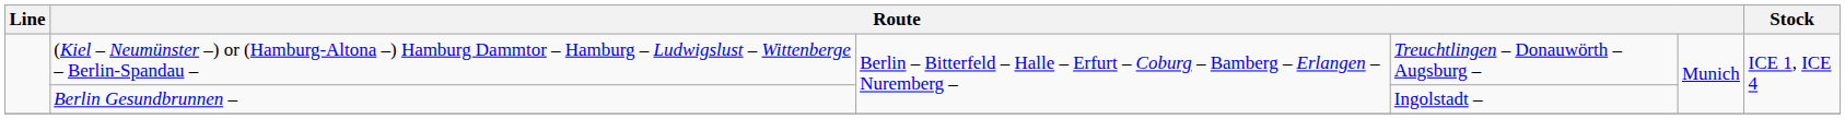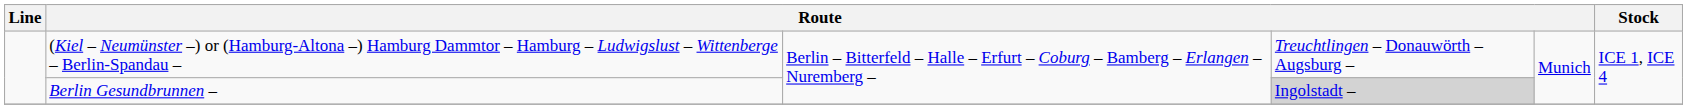 <table class="wikitable" width="100%">
 <tr class="hintergrundfarbe5">
 <th>Line</th>
 <th colspan="4">Route</th>
 <th>Stock</th>
 </tr>
 <tr>
 <td rowspan="2"></td>
 <td>(<em><a href='#'>Kiel</a> – <a href='#'>Neumünster</a> –</em>) or (<a href='#'>Hamburg-Altona</a> –) <a href='#'>Hamburg Dammtor</a> – <a href='#'>Hamburg</a> – <em><a href='#'>Ludwigslust</a> – <a href='#'>Wittenberge</a> –</em> <a href='#'>Berlin-Spandau</a> –</td>
 <td rowspan=2><a href='#'>Berlin</a> –  <a href='#'>Bitterfeld</a> – <a href='#'>Halle</a> – <a href='#'>Erfurt</a> – <em><a href='#'>Coburg</a></em> – <a href='#'>Bamberg</a><em> – <a href='#'>Erlangen</a> –</em> <a href='#'>Nuremberg</a> –</td>
 <td><em><a href='#'>Treuchtlingen</a></em> – <a href='#'>Donauwörth</a> – <a href='#'>Augsburg</a> – </td>
 <td rowspan="2"><a href='#'>Munich</a></td>
 <td rowspan="2"><a href='#'>ICE 1</a>, <a href='#'>ICE 4</a></td>
 </tr>
 <tr>
 <td><em><a href='#'>Berlin Gesundbrunnen</a> – </em></td>
-<td><a href='#'>Ingolstadt</a> –</td>
+<td style="background: lightgrey;"><a href='#'>Ingolstadt</a> –</td>
 </tr>
 <tr>
 </tr>
 </table>
